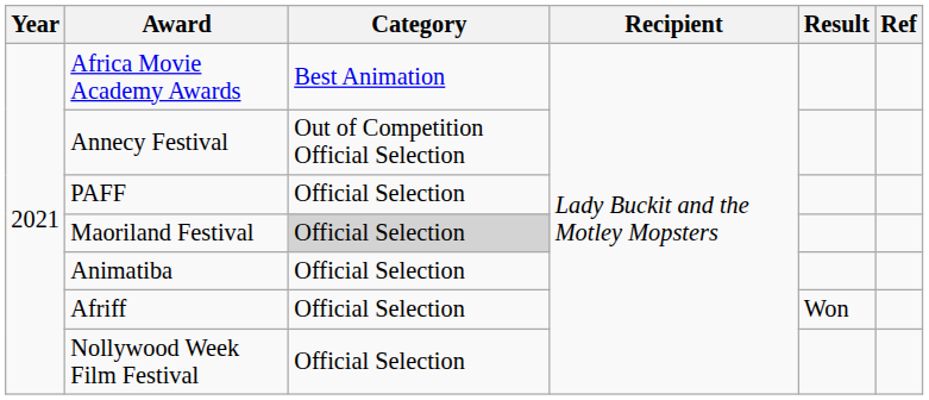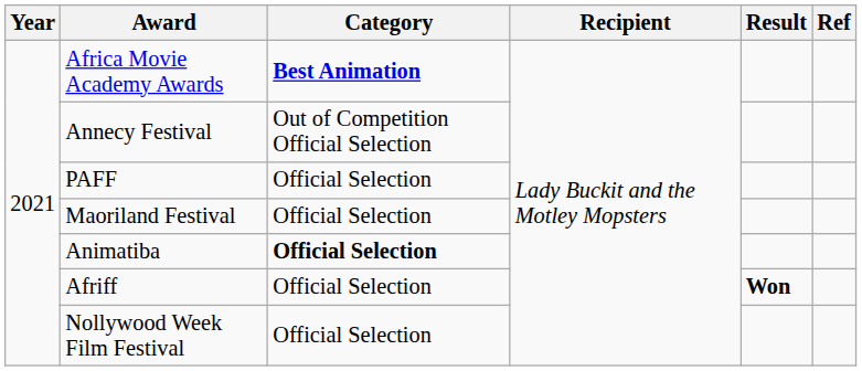 <table class="wikitable">
 <tr>
 <th>Year</th>
 <th>Award</th>
 <th>Category</th>
 <th>Recipient</th>
 <th>Result</th>
 <th>Ref</th>
 </tr>
 <tr>
 <td rowspan="7">2021</td>
 <td><a href='#'>Africa Movie Academy Awards</a></td>
-<td><a href='#'>Best Animation</a></td>
+<td><strong><a href='#'>Best Animation</a></strong></td>
 <td rowspan="7"><em>Lady Buckit and the Motley Mopsters</em></td>
 <td></td>
 <td></td>
 </tr>
 <tr>
 <td>Annecy Festival</td>
 <td>Out of Competition Official Selection</td>
 <td></td>
 <td></td>
 </tr>
 <tr>
 <td>PAFF</td>
 <td>Official Selection</td>
 <td></td>
 <td></td>
 </tr>
 <tr>
 <td>Maoriland Festival</td>
-<td style="background: lightgrey;">Official Selection</td>
+<td>Official Selection</td>
 <td></td>
 <td></td>
 </tr>
 <tr>
 <td>Animatiba</td>
-<td>Official Selection</td>
+<td><strong>Official Selection</strong></td>
 <td></td>
 <td></td>
 </tr>
 <tr>
 <td>Afriff</td>
 <td>Official Selection</td>
-<td>Won</td>
+<td><strong>Won</strong></td>
 <td></td>
 </tr>
 <tr>
 <td>Nollywood Week Film Festival</td>
 <td>Official Selection</td>
 <td></td>
 <td></td>
 </tr>
 </table>
